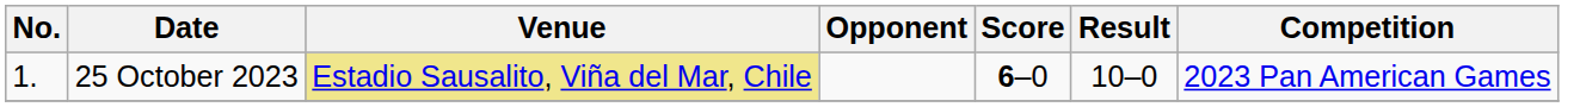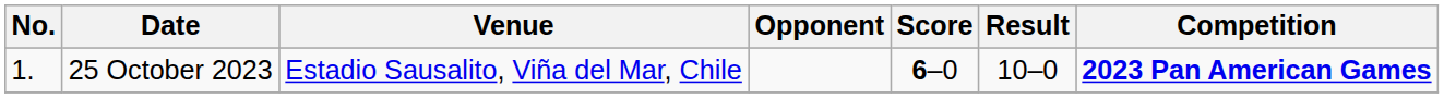 <table class="wikitable">
 <tr>
 <th>No.</th>
 <th>Date</th>
 <th>Venue</th>
 <th>Opponent</th>
 <th>Score</th>
 <th>Result</th>
 <th>Competition</th>
 </tr>
 <tr>
 <td>1.</td>
 <td>25 October 2023</td>
-<td style="background: khaki;"><a href='#'>Estadio Sausalito</a>, <a href='#'>Viña del Mar</a>, <a href='#'>Chile</a></td>
+<td><a href='#'>Estadio Sausalito</a>, <a href='#'>Viña del Mar</a>, <a href='#'>Chile</a></td>
 <td></td>
 <td align=center><strong>6</strong>–0</td>
 <td align=center>10–0</td>
-<td><a href='#'>2023 Pan American Games</a></td>
+<td><strong><a href='#'>2023 Pan American Games</a></strong></td>
 </tr>
 <tr>
 </tr>
 </table>
